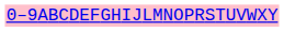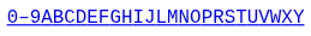 <table id="toc" class="toc" summary="Class">
 <tr>
 <th></th>
 </tr>
 <tr>
-<td style="background: pink; text-align:center;"><a href='#'>0–9</a><a href='#'>A</a><a href='#'>B</a><a href='#'>C</a><a href='#'>D</a><a href='#'>E</a><a href='#'>F</a><a href='#'>G</a><a href='#'>H</a><a href='#'>I</a><a href='#'>J</a><a href='#'>L</a><a href='#'>M</a><a href='#'>N</a><a href='#'>O</a><a href='#'>P</a><a href='#'>R</a><a href='#'>S</a><a href='#'>T</a><a href='#'>U</a><a href='#'>V</a><a href='#'>W</a><a href='#'>X</a><a href='#'>Y</a></td>
+<td style="text-align:center;"><a href='#'>0–9</a><a href='#'>A</a><a href='#'>B</a><a href='#'>C</a><a href='#'>D</a><a href='#'>E</a><a href='#'>F</a><a href='#'>G</a><a href='#'>H</a><a href='#'>I</a><a href='#'>J</a><a href='#'>L</a><a href='#'>M</a><a href='#'>N</a><a href='#'>O</a><a href='#'>P</a><a href='#'>R</a><a href='#'>S</a><a href='#'>T</a><a href='#'>U</a><a href='#'>V</a><a href='#'>W</a><a href='#'>X</a><a href='#'>Y</a></td>
 </tr>
 </table>
